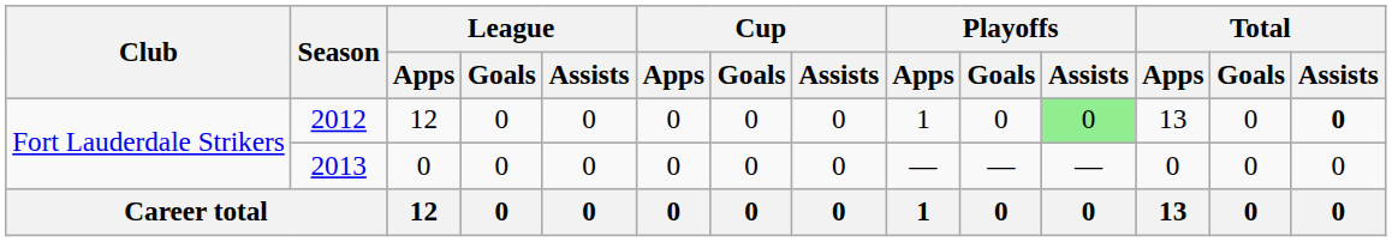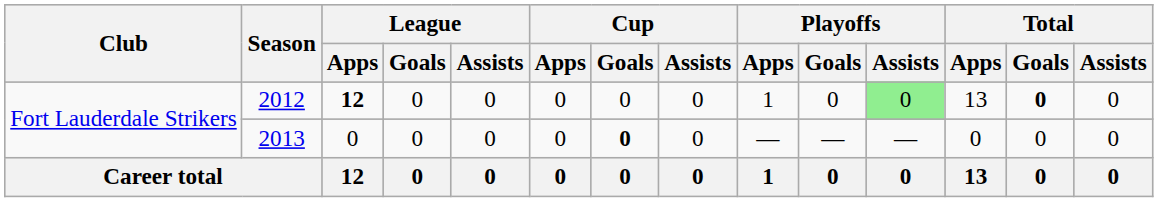 <table class="wikitable" style="font-size:90%; text-align:center;">
 <tr>
 <th rowspan="2">Club</th>
 <th rowspan="2">Season</th>
 <th colspan="3">League</th>
 <th colspan="3">Cup</th>
 <th colspan="3">Playoffs</th>
 <th colspan="3">Total</th>
 </tr>
 <tr>
 <th>Apps</th>
 <th>Goals</th>
 <th>Assists</th>
 <th>Apps</th>
 <th>Goals</th>
 <th>Assists</th>
 <th>Apps</th>
 <th>Goals</th>
 <th>Assists</th>
 <th>Apps</th>
 <th>Goals</th>
 <th>Assists</th>
 </tr>
 <tr>
 <td rowspan="2"><a href='#'>Fort Lauderdale Strikers</a></td>
 <td><a href='#'>2012</a></td>
-<td>12</td>
+<td><strong>12</strong></td>
 <td>0</td>
 <td>0</td>
 <td>0</td>
 <td>0</td>
 <td>0</td>
 <td>1</td>
 <td>0</td>
 <td style="background: lightgreen;">0</td>
 <td>13</td>
+<td><strong>0</strong></td>
 <td>0</td>
-<td><strong>0</strong></td>
 </tr>
 <tr>
 <td><a href='#'>2013</a></td>
 <td>0</td>
 <td>0</td>
 <td>0</td>
 <td>0</td>
-<td>0</td>
+<td><strong>0</strong></td>
 <td>0</td>
 <td>—</td>
 <td>—</td>
 <td>—</td>
 <td>0</td>
 <td>0</td>
 <td>0</td>
 </tr>
 <tr>
 <th colspan="2">Career total</th>
 <th>12</th>
 <th>0</th>
 <th>0</th>
 <th>0</th>
 <th>0</th>
 <th>0</th>
 <th>1</th>
 <th>0</th>
 <th>0</th>
 <th>13</th>
 <th>0</th>
 <th>0</th>
 </tr>
 </table>
